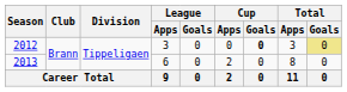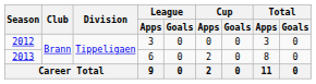 <table class="wikitable" style="text-align: center;">
 <tr>
 <th rowspan="2">Season</th>
 <th rowspan="2">Club</th>
 <th rowspan="2">Division</th>
 <th colspan="2">League</th>
 <th colspan="2">Cup</th>
 <th colspan="2">Total</th>
 </tr>
 <tr>
 <th>Apps</th>
 <th>Goals</th>
 <th>Apps</th>
 <th>Goals</th>
 <th>Apps</th>
 <th>Goals</th>
 </tr>
 <tr>
 <td><a href='#'>2012</a></td>
 <td rowspan="2" valign="center"><a href='#'>Brann</a></td>
 <td rowspan="2" valign="center"><a href='#'>Tippeligaen</a></td>
 <td>3</td>
 <td>0</td>
 <td>0</td>
-<td><strong>0</strong></td>
+<td>0</td>
 <td>3</td>
-<td style="background: khaki;">0</td>
+<td>0</td>
 </tr>
 <tr>
 <td><a href='#'>2013</a></td>
 <td>6</td>
 <td>0</td>
 <td>2</td>
 <td>0</td>
 <td>8</td>
 <td>0</td>
 </tr>
 <tr>
 <th colspan="3">Career Total</th>
 <th>9</th>
 <th>0</th>
 <th>2</th>
 <th>0</th>
 <th>11</th>
 <th>0</th>
 </tr>
 </table>
